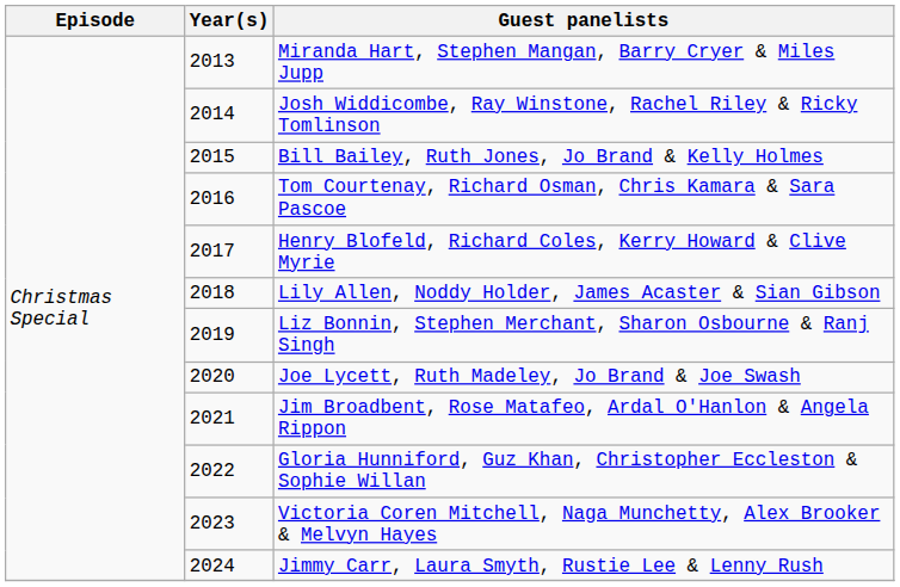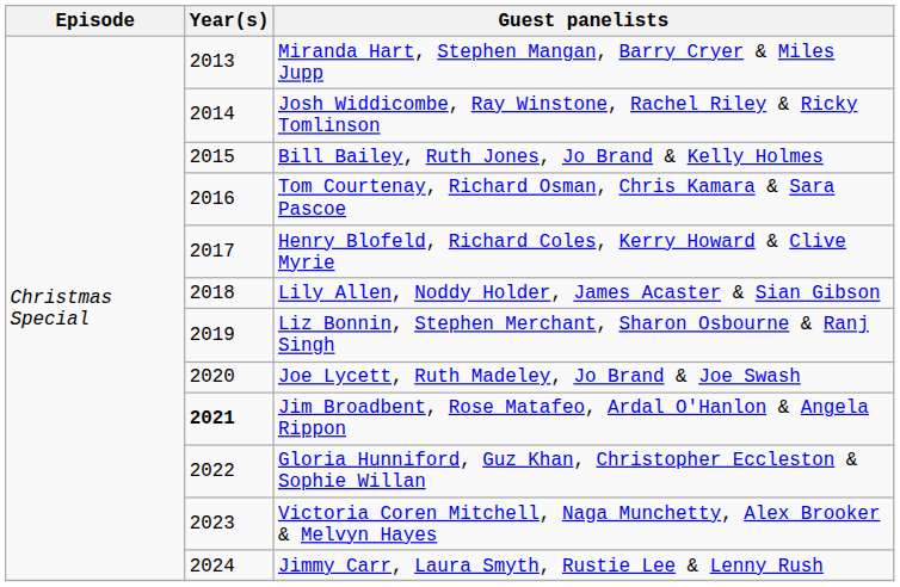 <table class="wikitable sortable">
 <tr>
 <th>Episode</th>
 <th>Year(s)</th>
 <th>Guest panelists</th>
 </tr>
 <tr>
 <td rowspan="12"><em>Christmas Special</em></td>
 <td>2013</td>
 <td><a href='#'>Miranda Hart</a>, <a href='#'>Stephen Mangan</a>, <a href='#'>Barry Cryer</a> & <a href='#'>Miles Jupp</a></td>
 </tr>
 <tr>
 <td>2014</td>
 <td><a href='#'>Josh Widdicombe</a>, <a href='#'>Ray Winstone</a>, <a href='#'>Rachel Riley</a> & <a href='#'>Ricky Tomlinson</a></td>
 </tr>
 <tr>
 <td>2015</td>
 <td><a href='#'>Bill Bailey</a>, <a href='#'>Ruth Jones</a>, <a href='#'>Jo Brand</a> & <a href='#'>Kelly Holmes</a></td>
 </tr>
 <tr>
 <td>2016</td>
 <td><a href='#'>Tom Courtenay</a>, <a href='#'>Richard Osman</a>, <a href='#'>Chris Kamara</a> & <a href='#'>Sara Pascoe</a></td>
 </tr>
 <tr>
 <td>2017</td>
 <td><a href='#'>Henry Blofeld</a>, <a href='#'>Richard Coles</a>, <a href='#'>Kerry Howard</a> & <a href='#'>Clive Myrie</a></td>
 </tr>
 <tr>
 <td>2018</td>
 <td><a href='#'>Lily Allen</a>, <a href='#'>Noddy Holder</a>, <a href='#'>James Acaster</a> & <a href='#'>Sian Gibson</a></td>
 </tr>
 <tr>
 <td>2019</td>
 <td><a href='#'>Liz Bonnin</a>, <a href='#'>Stephen Merchant</a>, <a href='#'>Sharon Osbourne</a> & <a href='#'>Ranj Singh</a></td>
 </tr>
 <tr>
 <td>2020</td>
 <td><a href='#'>Joe Lycett</a>, <a href='#'>Ruth Madeley</a>, <a href='#'>Jo Brand</a> & <a href='#'>Joe Swash</a></td>
 </tr>
 <tr>
-<td>2021</td>
+<td><strong>2021</strong></td>
 <td><a href='#'>Jim Broadbent</a>, <a href='#'>Rose Matafeo</a>, <a href='#'>Ardal O'Hanlon</a> & <a href='#'>Angela Rippon</a></td>
 </tr>
 <tr>
 <td>2022</td>
 <td><a href='#'>Gloria Hunniford</a>, <a href='#'>Guz Khan</a>, <a href='#'>Christopher Eccleston</a> & <a href='#'>Sophie Willan</a></td>
 </tr>
 <tr>
 <td>2023</td>
 <td><a href='#'>Victoria Coren Mitchell</a>, <a href='#'>Naga Munchetty</a>, <a href='#'>Alex Brooker</a> & <a href='#'>Melvyn Hayes</a></td>
 </tr>
 <tr>
 <td>2024</td>
 <td><a href='#'>Jimmy Carr</a>, <a href='#'>Laura Smyth</a>, <a href='#'>Rustie Lee</a> & <a href='#'>Lenny Rush</a></td>
 </tr>
 <tr>
 </tr>
 </table>
